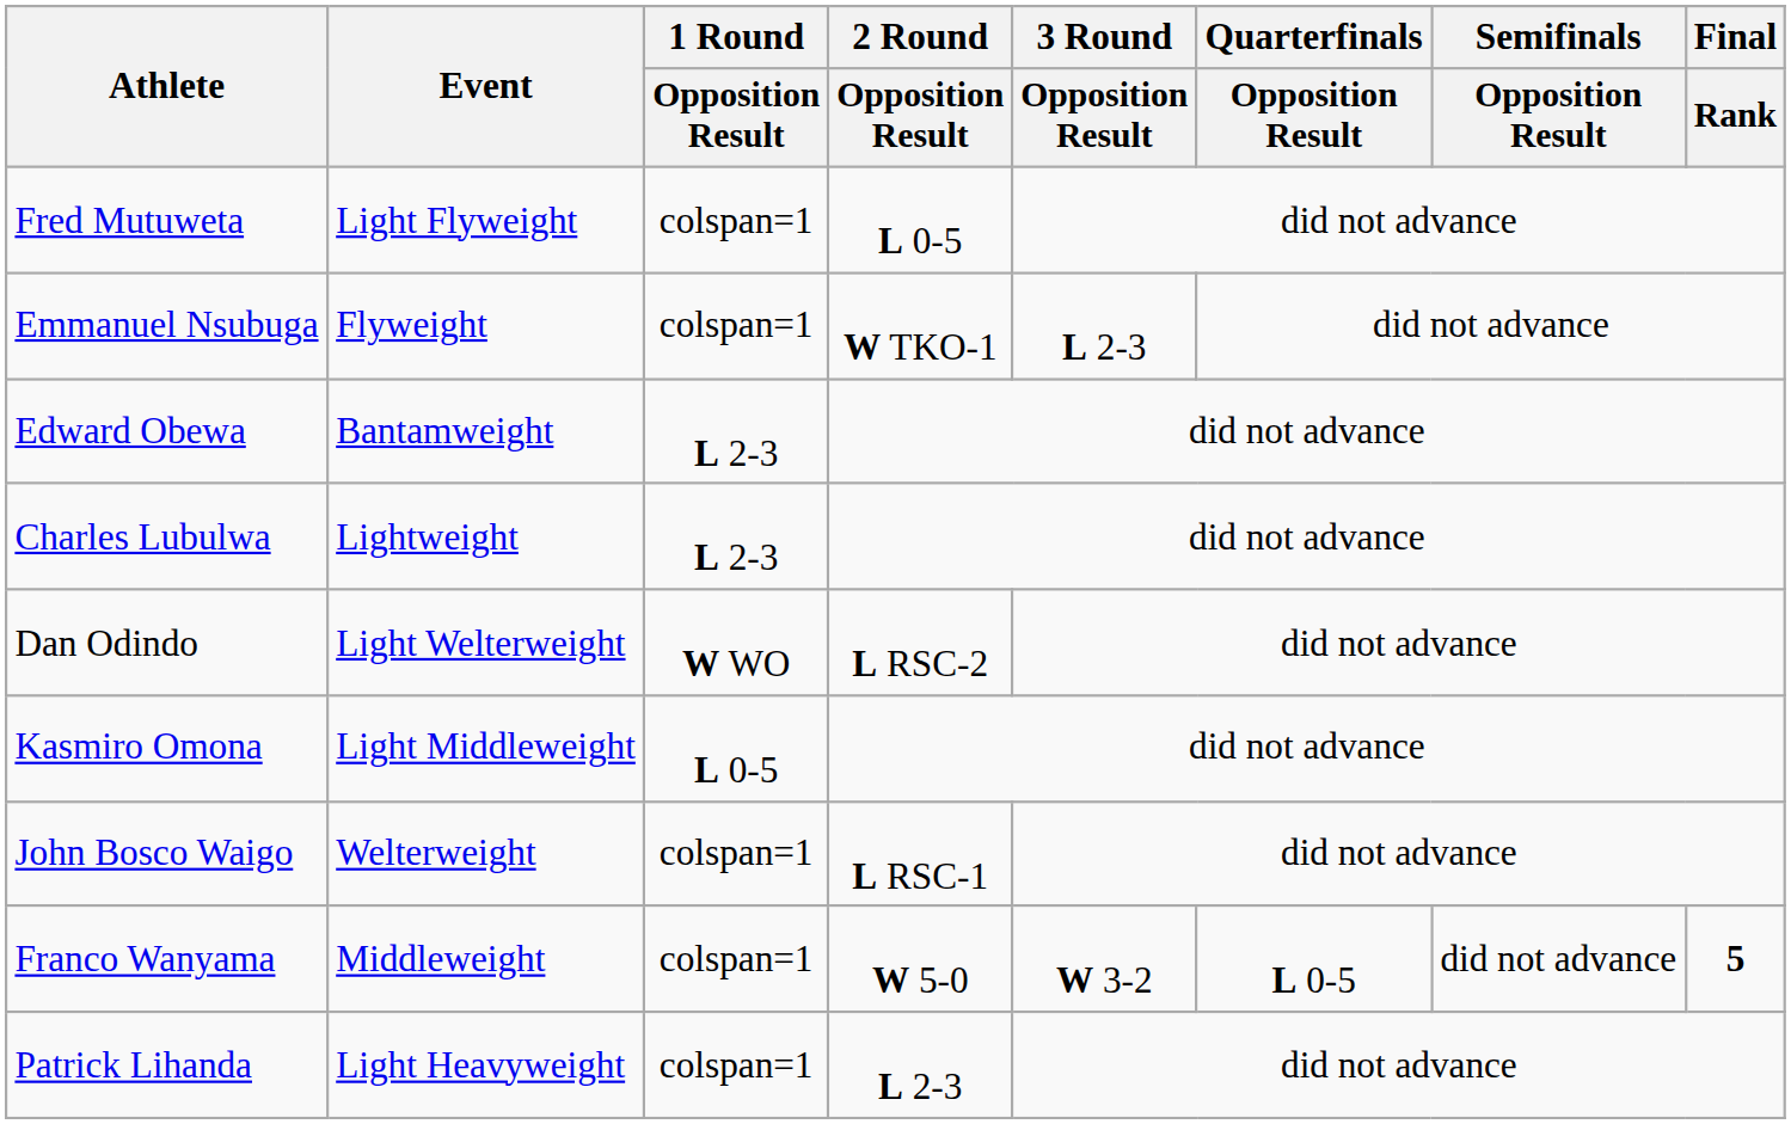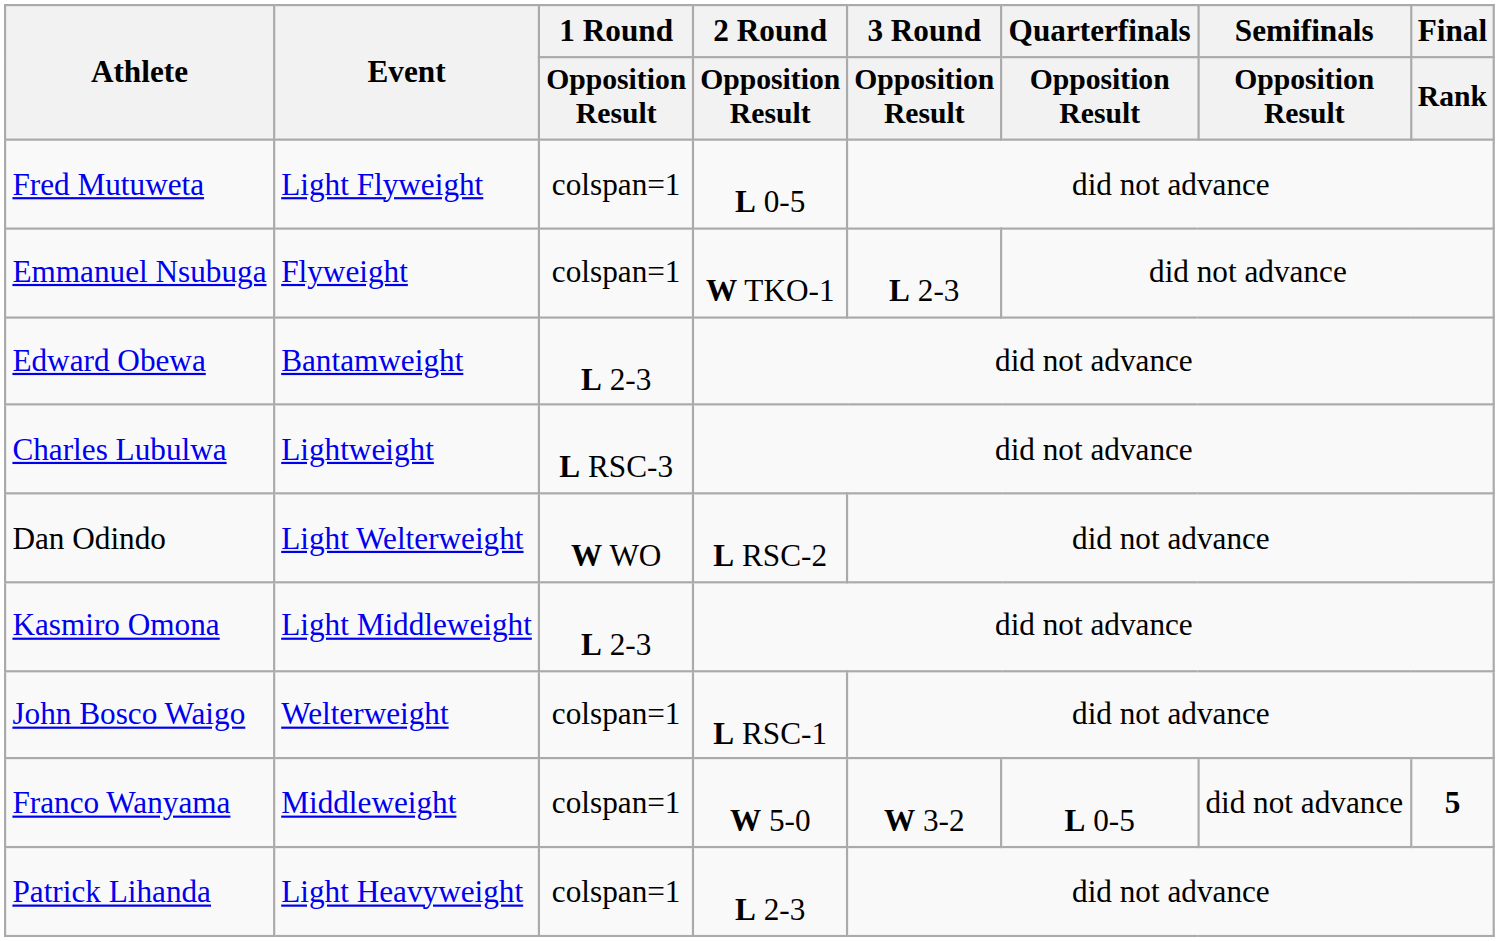 <table class="wikitable" style="font-size:90%">
 <tr>
 <th rowspan="2">Athlete</th>
 <th rowspan="2">Event</th>
 <th>1 Round</th>
 <th>2 Round</th>
 <th>3 Round</th>
 <th>Quarterfinals</th>
 <th>Semifinals</th>
 <th colspan=2>Final</th>
 </tr>
 <tr style="font-size:95%">
 <th>Opposition<br>Result</th>
 <th>Opposition<br>Result</th>
 <th>Opposition<br>Result</th>
 <th>Opposition<br>Result</th>
 <th>Opposition<br>Result</th>
 <th colspan=2>Rank</th>
 </tr>
 <tr align=center>
 <td align=left><a href='#'>Fred Mutuweta</a></td>
 <td align=left><a href='#'>Light Flyweight</a></td>
 <td>colspan=1 </td>
 <td><br><strong>L</strong> 0-5</td>
 <td colspan=5>did not advance</td>
 </tr>
 <tr align=center>
 <td align=left><a href='#'>Emmanuel Nsubuga</a></td>
 <td align=left><a href='#'>Flyweight</a></td>
 <td>colspan=1 </td>
 <td><br><strong>W</strong> TKO-1</td>
 <td><br><strong>L</strong> 2-3</td>
 <td colspan=5>did not advance</td>
 </tr>
 <tr align=center>
 <td align=left><a href='#'>Edward Obewa</a></td>
 <td align=left><a href='#'>Bantamweight</a></td>
 <td><br><strong>L</strong> 2-3</td>
 <td colspan=6>did not advance</td>
 </tr>
 <tr align=center>
 <td align=left><a href='#'>Charles Lubulwa</a></td>
 <td align=left><a href='#'>Lightweight</a></td>
-<td><br><strong>L</strong> 2-3</td>
+<td><br><strong>L</strong> RSC-3</td>
 <td colspan=6>did not advance</td>
 </tr>
 <tr align=center>
 <td align=left>Dan Odindo</td>
 <td align=left><a href='#'>Light Welterweight</a></td>
 <td><br><strong>W</strong> WO</td>
 <td><br><strong>L</strong> RSC-2</td>
 <td colspan=6>did not advance</td>
 </tr>
 <tr align=center>
 <td align=left><a href='#'>Kasmiro Omona</a></td>
 <td align=left><a href='#'>Light Middleweight</a></td>
-<td><br><strong>L</strong> 0-5</td>
+<td><br><strong>L</strong> 2-3</td>
 <td colspan=6>did not advance</td>
 </tr>
 <tr align=center>
 <td align=left><a href='#'>John Bosco Waigo</a></td>
 <td align=left><a href='#'>Welterweight</a></td>
 <td>colspan=1 </td>
 <td><br><strong>L</strong> RSC-1</td>
 <td colspan=5>did not advance</td>
 </tr>
 <tr align=center>
 <td align=left><a href='#'>Franco Wanyama</a></td>
 <td align=left><a href='#'>Middleweight</a></td>
 <td>colspan=1 </td>
 <td><br><strong>W</strong> 5-0</td>
 <td><br><strong>W</strong> 3-2</td>
 <td><br><strong>L</strong> 0-5</td>
 <td colspan=2>did not advance</td>
 <td><strong>5</strong></td>
 </tr>
 <tr align=center>
 <td align=left><a href='#'>Patrick Lihanda</a></td>
 <td align=left><a href='#'>Light Heavyweight</a></td>
 <td>colspan=1 </td>
 <td><br><strong>L</strong> 2-3</td>
 <td colspan=5>did not advance</td>
 </tr>
 </table>
